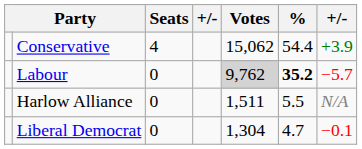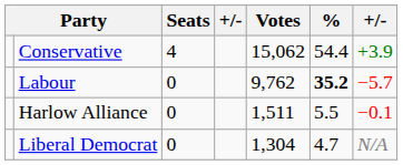 <table class="wikitable sortable">
 <tr>
 <th colspan="2">Party</th>
 <th>Seats</th>
 <th>+/-</th>
 <th>Votes</th>
 <th>%</th>
 <th>+/-</th>
 </tr>
 <tr>
 <td style="background-color: "></td>
 <td><a href='#'>Conservative</a></td>
 <td>4</td>
 <td></td>
 <td>15,062</td>
 <td>54.4</td>
 <td style="color:green">+3.9</td>
 </tr>
 <tr>
 <td style="background-color: "></td>
 <td><a href='#'>Labour</a></td>
 <td>0</td>
 <td></td>
-<td style="background: lightgrey;">9,762</td>
+<td>9,762</td>
 <td><strong>35.2</strong></td>
 <td style="color:red">−5.7</td>
 </tr>
 <tr>
 <td style="background-color: "></td>
 <td>Harlow Alliance</td>
 <td>0</td>
 <td></td>
 <td>1,511</td>
 <td>5.5</td>
-<td style="color:grey"><em>N/A</em></td>
+<td style="color:red">−0.1</td>
 </tr>
 <tr>
 <td style="background-color: "></td>
 <td><a href='#'>Liberal Democrat</a></td>
 <td>0</td>
 <td></td>
 <td>1,304</td>
 <td>4.7</td>
-<td style="color:red">−0.1</td>
+<td style="color:grey"><em>N/A</em></td>
 </tr>
 </table>
